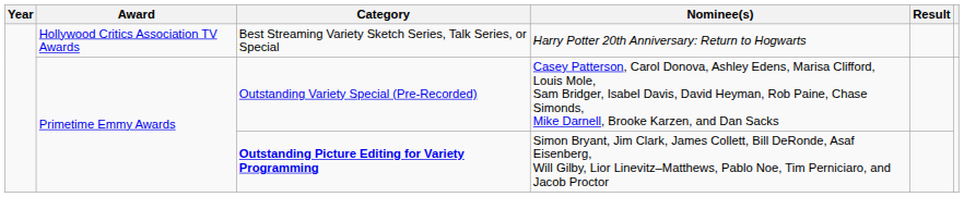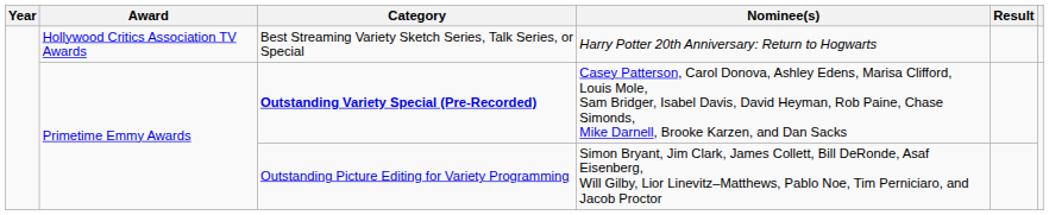 <table class="wikitable sortable plainrowheaders">
 <tr>
 <th scope="col">Year</th>
 <th scope="col">Award</th>
 <th scope="col">Category</th>
 <th scope="col">Nominee(s)</th>
 <th scope="col">Result</th>
 <th scope="col"></th>
 </tr>
 <tr>
 <td rowspan="3"></td>
 <td><a href='#'>Hollywood Critics Association TV Awards</a></td>
 <td>Best Streaming Variety Sketch Series, Talk Series, or Special</td>
 <td><em>Harry Potter 20th Anniversary: Return to Hogwarts</em></td>
 <td></td>
 <td align="center"></td>
 </tr>
 <tr>
 <td rowspan="2"><a href='#'>Primetime Emmy Awards</a></td>
-<td><a href='#'>Outstanding Variety Special (Pre-Recorded)</a></td>
+<td><strong><a href='#'>Outstanding Variety Special (Pre-Recorded)</a></strong></td>
 <td><a href='#'>Casey Patterson</a>, Carol Donova, Ashley Edens, Marisa Clifford, Louis Mole, <br> Sam Bridger, Isabel Davis, David Heyman, Rob Paine, Chase Simonds, <br> <a href='#'>Mike Darnell</a>, Brooke Karzen, and Dan Sacks</td>
 <td></td>
 <td align="center" rowspan="2"> <br> </td>
 </tr>
 <tr>
-<td><strong><a href='#'>Outstanding Picture Editing for Variety Programming</a></strong></td>
+<td><a href='#'>Outstanding Picture Editing for Variety Programming</a></td>
 <td>Simon Bryant, Jim Clark, James Collett, Bill DeRonde, Asaf Eisenberg, <br> Will Gilby, Lior Linevitz–Matthews, Pablo Noe, Tim Perniciaro, and Jacob Proctor</td>
 <td></td>
 </tr>
 </table>
